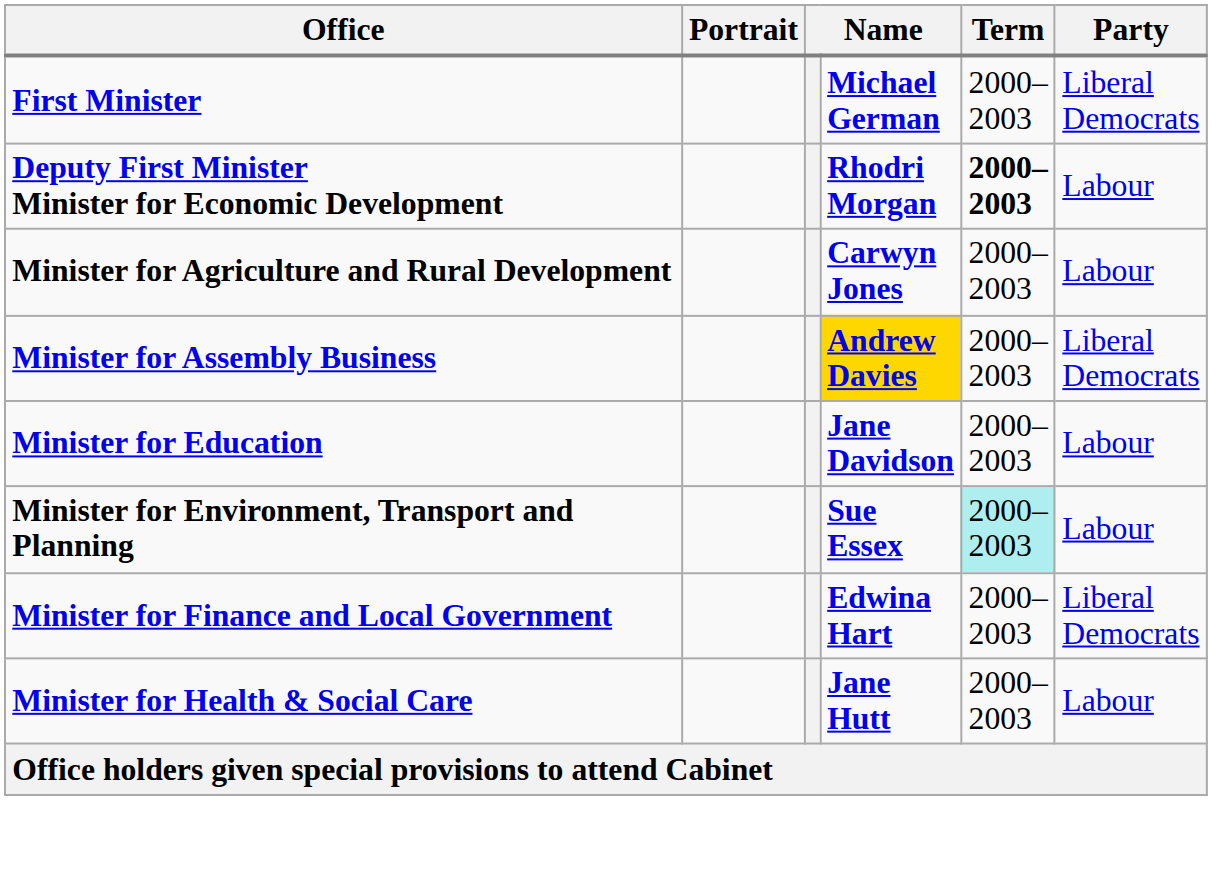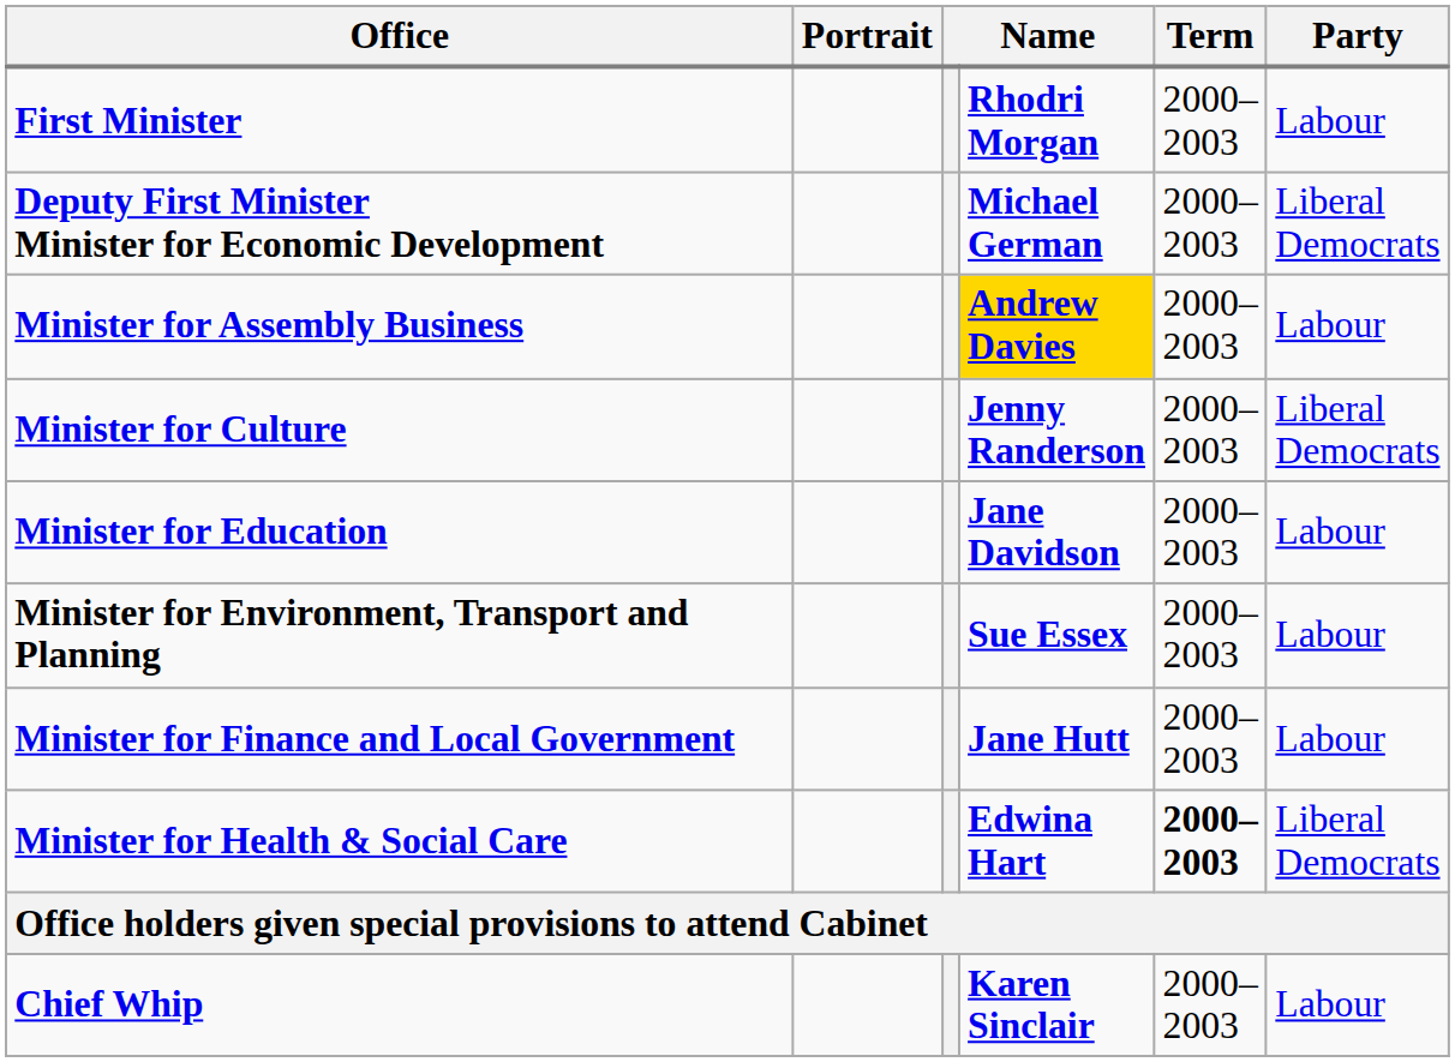 <table class="wikitable">
 <tr style="border-bottom: 2px solid gray;">
 <th style="width: 390px">Office</th>
 <th>Portrait</th>
 <th colspan="2">Name</th>
 <th>Term</th>
 <th>Party</th>
 </tr>
 <tr>
 <td><strong><a href='#'>First Minister</a></strong></td>
 <td></td>
 <th style="background-color: "></th>
-<td><strong><a href='#'>Michael German</a></strong></td>
+<td><strong><a href='#'>Rhodri Morgan</a></strong></td>
 <td>2000–2003</td>
-<td><a href='#'>Liberal Democrats</a></td>
+<td><a href='#'>Labour</a></td>
 </tr>
 <tr>
 <td><strong><a href='#'>Deputy First Minister</a></strong><br><strong>Minister for Economic Development</strong></td>
 <td></td>
 <th style="background-color: "></th>
-<td><strong><a href='#'>Rhodri Morgan</a></strong></td>
-<td><strong>2000–2003</strong></td>
-<td><a href='#'>Labour</a></td>
-</tr>
-<tr>
-<td><strong>Minister for Agriculture and Rural Development</strong></td>
-<td></td>
-<th style="background-color: "></th>
-<td><strong><a href='#'>Carwyn Jones</a></strong></td>
+<td><strong><a href='#'>Michael German</a></strong></td>
 <td>2000–2003</td>
-<td><a href='#'>Labour</a></td>
+<td><a href='#'>Liberal Democrats</a></td>
 </tr>
 <tr>
 <td><strong><a href='#'>Minister for Assembly Business</a></strong></td>
 <td></td>
 <th style="background-color: "></th>
 <td style="background: gold;"><strong><a href='#'>Andrew Davies</a></strong></td>
+<td>2000–2003</td>
+<td><a href='#'>Labour</a></td>
+</tr>
+<tr>
+<td><strong><a href='#'>Minister for Culture</a></strong></td>
+<td></td>
+<th style="background-color: "></th>
+<td><strong><a href='#'>Jenny Randerson</a></strong></td>
 <td>2000–2003</td>
 <td><a href='#'>Liberal Democrats</a></td>
 </tr>
 <tr>
 <td><strong><a href='#'>Minister for Education</a></strong></td>
 <td></td>
 <th style="background-color: "></th>
 <td><strong><a href='#'>Jane Davidson</a></strong></td>
 <td>2000–2003</td>
 <td><a href='#'>Labour</a></td>
 </tr>
 <tr>
 <td><strong>Minister for Environment, Transport and Planning</strong></td>
 <td></td>
 <th style="background-color: "></th>
 <td><strong><a href='#'>Sue Essex</a></strong></td>
-<td style="background: paleturquoise;">2000–2003</td>
+<td>2000–2003</td>
 <td><a href='#'>Labour</a></td>
 </tr>
 <tr>
 <td><strong><a href='#'>Minister for Finance and Local Government</a></strong></td>
-<td></td>
-<th style="background-color: "></th>
-<td><strong><a href='#'>Edwina Hart</a></strong></td>
-<td>2000–2003</td>
-<td><a href='#'>Liberal Democrats</a></td>
-</tr>
-<tr>
-<td><strong><a href='#'>Minister for Health & Social Care</a></strong></td>
 <td></td>
 <th style="background-color: "></th>
 <td><strong><a href='#'>Jane Hutt</a></strong></td>
 <td>2000–2003</td>
 <td><a href='#'>Labour</a></td>
 </tr>
 <tr>
+<td><strong><a href='#'>Minister for Health & Social Care</a></strong></td>
+<td></td>
+<th style="background-color: "></th>
+<td><strong><a href='#'>Edwina Hart</a></strong></td>
+<td><strong>2000–2003</strong></td>
+<td><a href='#'>Liberal Democrats</a></td>
+</tr>
+<tr>
 <th colspan="6" style="text-align:left">Office holders given special provisions to attend Cabinet</th>
+</tr>
+<tr>
+<td><strong><a href='#'>Chief Whip</a></strong></td>
+<td></td>
+<th style="background-color: "></th>
+<td><strong><a href='#'>Karen Sinclair</a></strong></td>
+<td>2000–2003</td>
+<td><a href='#'>Labour</a></td>
 </tr>
 <tr>
 </tr>
 </table>
